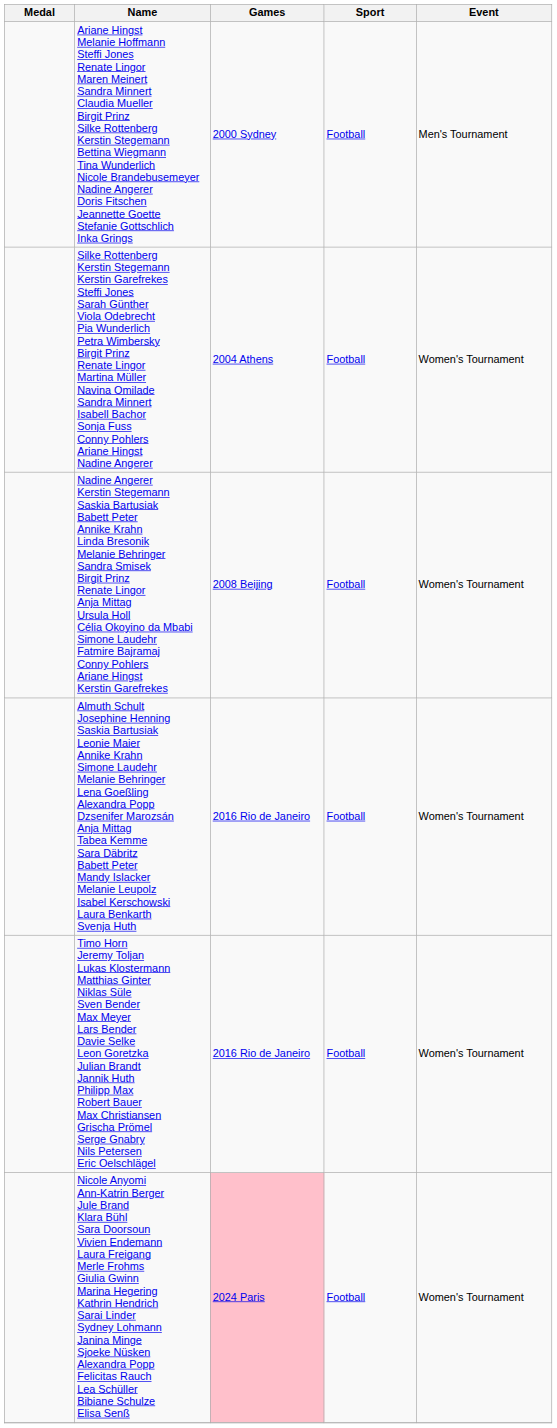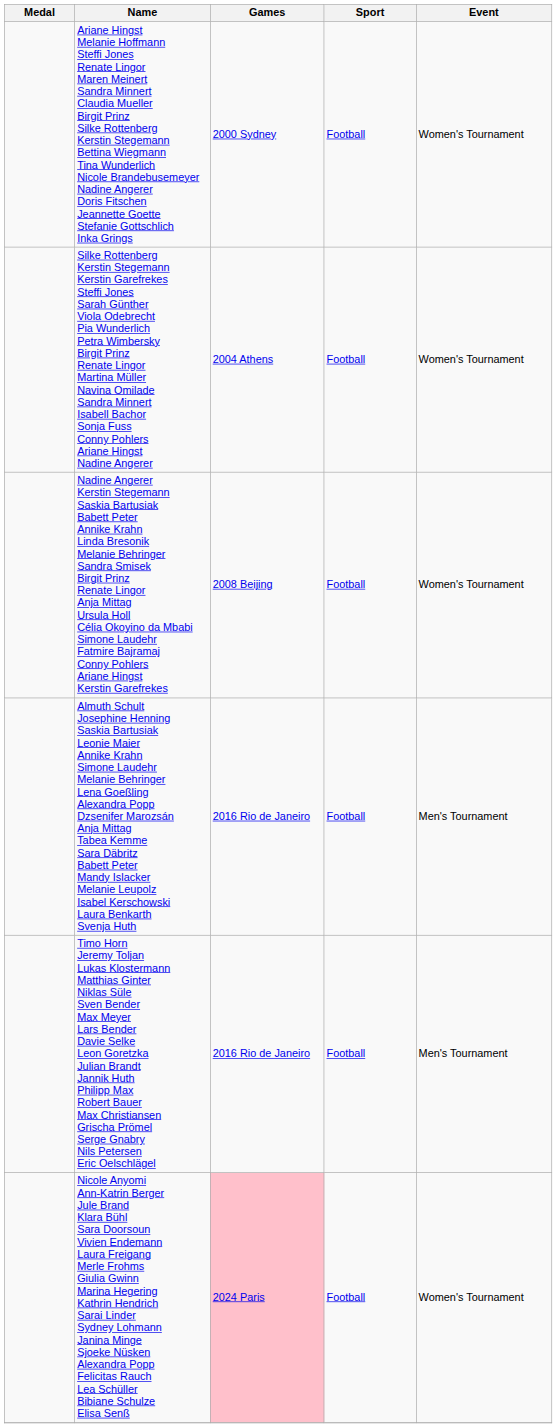 <table class="wikitable sortable">
 <tr>
 <th style="width:6em">Medal</th>
 <th style="width:12em">Name</th>
 <th style="width:10em">Games</th>
 <th style="width:8em">Sport</th>
 <th style="width:12em">Event</th>
 </tr>
 <tr>
 <td></td>
 <td><a href='#'>Ariane Hingst</a><br><a href='#'>Melanie Hoffmann</a><br><a href='#'>Steffi Jones</a><br><a href='#'>Renate Lingor</a><br><a href='#'>Maren Meinert</a><br><a href='#'>Sandra Minnert</a><br><a href='#'>Claudia Mueller</a><br><a href='#'>Birgit Prinz</a><br><a href='#'>Silke Rottenberg</a><br><a href='#'>Kerstin Stegemann</a><br><a href='#'>Bettina Wiegmann</a><br><a href='#'>Tina Wunderlich</a><br><a href='#'>Nicole Brandebusemeyer</a><br><a href='#'>Nadine Angerer</a><br><a href='#'>Doris Fitschen</a><br><a href='#'>Jeannette Goette</a><br><a href='#'>Stefanie Gottschlich</a><br><a href='#'>Inka Grings</a></td>
 <td> <a href='#'>2000 Sydney</a></td>
 <td> <a href='#'>Football</a></td>
-<td>Men's Tournament</td>
+<td>Women's Tournament</td>
 </tr>
 <tr>
 <td></td>
 <td><a href='#'>Silke Rottenberg</a><br><a href='#'>Kerstin Stegemann</a><br><a href='#'>Kerstin Garefrekes</a><br><a href='#'>Steffi Jones</a><br><a href='#'>Sarah Günther</a><br><a href='#'>Viola Odebrecht</a><br><a href='#'>Pia Wunderlich</a><br><a href='#'>Petra Wimbersky</a><br><a href='#'>Birgit Prinz</a><br><a href='#'>Renate Lingor</a><br><a href='#'>Martina Müller</a><br><a href='#'>Navina Omilade</a><br><a href='#'>Sandra Minnert</a><br><a href='#'>Isabell Bachor</a><br><a href='#'>Sonja Fuss</a><br><a href='#'>Conny Pohlers</a><br><a href='#'>Ariane Hingst</a><br><a href='#'>Nadine Angerer</a></td>
 <td> <a href='#'>2004 Athens</a></td>
 <td> <a href='#'>Football</a></td>
 <td>Women's Tournament</td>
 </tr>
 <tr>
 <td></td>
 <td><a href='#'>Nadine Angerer</a><br><a href='#'>Kerstin Stegemann</a><br><a href='#'>Saskia Bartusiak</a><br><a href='#'>Babett Peter</a><br><a href='#'>Annike Krahn</a><br><a href='#'>Linda Bresonik</a><br><a href='#'>Melanie Behringer</a><br><a href='#'>Sandra Smisek</a><br><a href='#'>Birgit Prinz</a><br><a href='#'>Renate Lingor</a><br><a href='#'>Anja Mittag</a><br><a href='#'>Ursula Holl</a><br><a href='#'>Célia Okoyino da Mbabi</a><br><a href='#'>Simone Laudehr</a><br><a href='#'>Fatmire Bajramaj</a><br><a href='#'>Conny Pohlers</a><br><a href='#'>Ariane Hingst</a><br><a href='#'>Kerstin Garefrekes</a></td>
 <td> <a href='#'>2008 Beijing</a></td>
 <td> <a href='#'>Football</a></td>
 <td>Women's Tournament</td>
 </tr>
 <tr>
 <td></td>
 <td><a href='#'>Almuth Schult</a><br><a href='#'>Josephine Henning</a><br><a href='#'>Saskia Bartusiak</a><br><a href='#'>Leonie Maier</a><br><a href='#'>Annike Krahn</a><br><a href='#'>Simone Laudehr</a><br><a href='#'>Melanie Behringer</a><br><a href='#'>Lena Goeßling</a><br><a href='#'>Alexandra Popp</a><br><a href='#'>Dzsenifer Marozsán</a><br><a href='#'>Anja Mittag</a><br><a href='#'>Tabea Kemme</a><br><a href='#'>Sara Däbritz</a><br><a href='#'>Babett Peter</a><br><a href='#'>Mandy Islacker</a><br><a href='#'>Melanie Leupolz</a><br><a href='#'>Isabel Kerschowski</a><br><a href='#'>Laura Benkarth</a><br><a href='#'>Svenja Huth</a></td>
 <td> <a href='#'>2016 Rio de Janeiro</a></td>
 <td> <a href='#'>Football</a></td>
-<td>Women's Tournament</td>
+<td>Men's Tournament</td>
 </tr>
 <tr>
 <td></td>
 <td><a href='#'>Timo Horn</a><br><a href='#'>Jeremy Toljan</a><br><a href='#'>Lukas Klostermann</a><br><a href='#'>Matthias Ginter</a><br><a href='#'>Niklas Süle</a><br><a href='#'>Sven Bender</a><br><a href='#'>Max Meyer</a><br><a href='#'>Lars Bender</a><br><a href='#'>Davie Selke</a><br><a href='#'>Leon Goretzka</a><br><a href='#'>Julian Brandt</a><br><a href='#'>Jannik Huth</a><br><a href='#'>Philipp Max</a><br><a href='#'>Robert Bauer</a><br><a href='#'>Max Christiansen</a><br><a href='#'>Grischa Prömel</a><br><a href='#'>Serge Gnabry</a><br><a href='#'>Nils Petersen</a><br><a href='#'>Eric Oelschlägel</a></td>
 <td> <a href='#'>2016 Rio de Janeiro</a></td>
 <td> <a href='#'>Football</a></td>
-<td>Women's Tournament</td>
+<td>Men's Tournament</td>
 </tr>
 <tr>
 <td></td>
 <td><a href='#'>Nicole Anyomi</a><br><a href='#'>Ann-Katrin Berger</a><br><a href='#'>Jule Brand</a><br><a href='#'>Klara Bühl</a><br><a href='#'>Sara Doorsoun</a><br><a href='#'>Vivien Endemann</a><br><a href='#'>Laura Freigang</a><br><a href='#'>Merle Frohms</a><br><a href='#'>Giulia Gwinn</a><br><a href='#'>Marina Hegering</a><br><a href='#'>Kathrin Hendrich</a><br><a href='#'>Sarai Linder</a><br><a href='#'>Sydney Lohmann</a><br><a href='#'>Janina Minge</a><br><a href='#'>Sjoeke Nüsken</a><br><a href='#'>Alexandra Popp</a><br><a href='#'>Felicitas Rauch</a><br><a href='#'>Lea Schüller</a><br><a href='#'>Bibiane Schulze</a><br><a href='#'>Elisa Senß</a></td>
 <td style="background: pink;"> <a href='#'>2024 Paris</a></td>
 <td> <a href='#'>Football</a></td>
 <td>Women's Tournament</td>
 </tr>
 <tr>
 </tr>
 </table>
